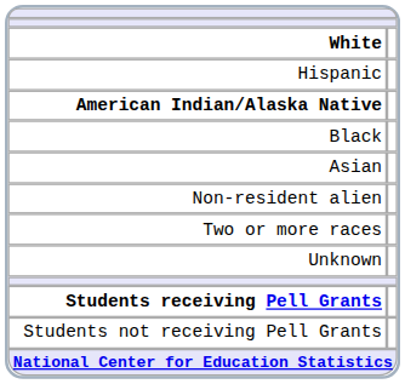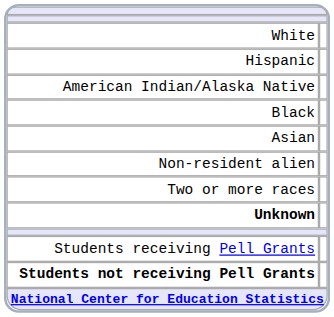 <table class="wikitable" style="float:right; clear:right; margin:auto; border:2px solid #A3B1BF; font-size:90%; text-align:right; border-collapse:separate; border-spacing:0; background-color:White; border-radius: 12px;">
 <tr>
 <th colspan="3" style="border-radius:12px 12px 0px 0px; background-color:#E6E6FA;"></th>
 </tr>
 <tr>
 <th colspan="3" scope="col" style="background-color:#E6E6FA;"></th>
 </tr>
 <tr>
-<td><strong>White</strong></td>
+<td>White</td>
 <td></td>
 </tr>
 <tr>
 <td>Hispanic</td>
 <td> </td>
 </tr>
 <tr>
-<td><strong>American Indian/Alaska Native</strong></td>
+<td>American Indian/Alaska Native</td>
 <td></td>
 </tr>
 <tr>
 <td>Black</td>
 <td></td>
 </tr>
 <tr>
 <td>Asian</td>
 <td></td>
 </tr>
 <tr>
 <td>Non-resident alien</td>
 <td></td>
 </tr>
 <tr>
 <td>Two or more races</td>
 <td></td>
 </tr>
 <tr>
-<td>Unknown</td>
+<td><strong>Unknown</strong></td>
 <td></td>
 </tr>
 <tr>
 <th colspan="3" class="unsortable" style="text-align:center; background-color:#E6E6FA;"></th>
 </tr>
 <tr>
-<td><strong>Students receiving <a href='#'>Pell Grants</a></strong></td>
+<td>Students receiving <a href='#'>Pell Grants</a></td>
 <td></td>
 </tr>
 <tr>
-<td>Students not receiving Pell Grants</td>
+<td><strong>Students not receiving Pell Grants</strong></td>
 <td></td>
 </tr>
 <tr>
 <th colspan="3" style="text-align:center; font-size:90%; color:black; border-radius:0px 0px 12px 12px; background-color:#E6E6FA;"><a href='#'>National Center for Education Statistics</a></th>
 </tr>
 </table>
